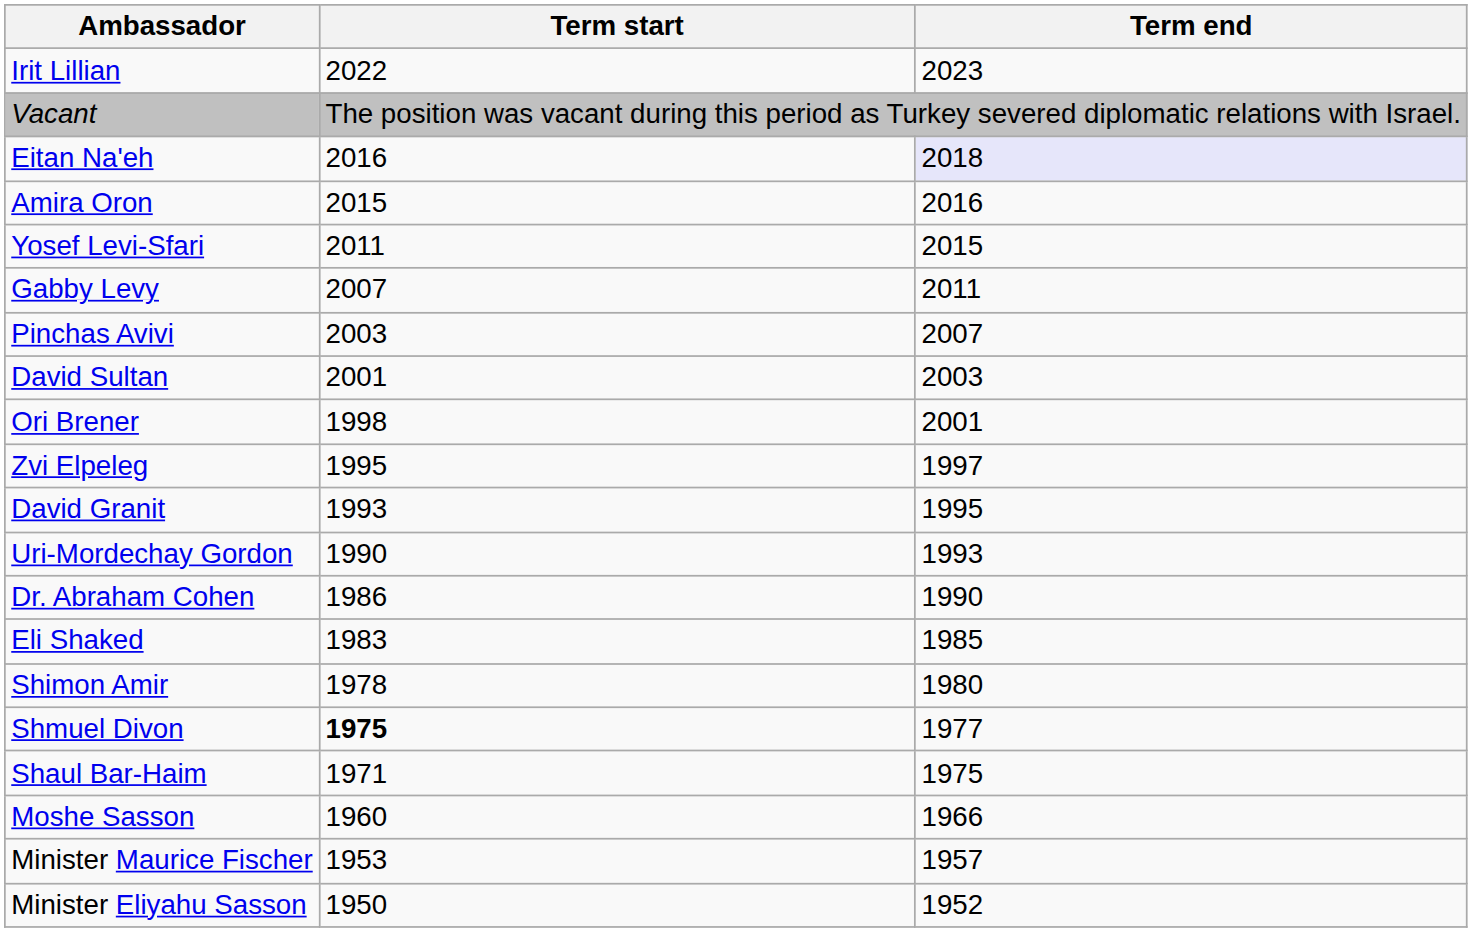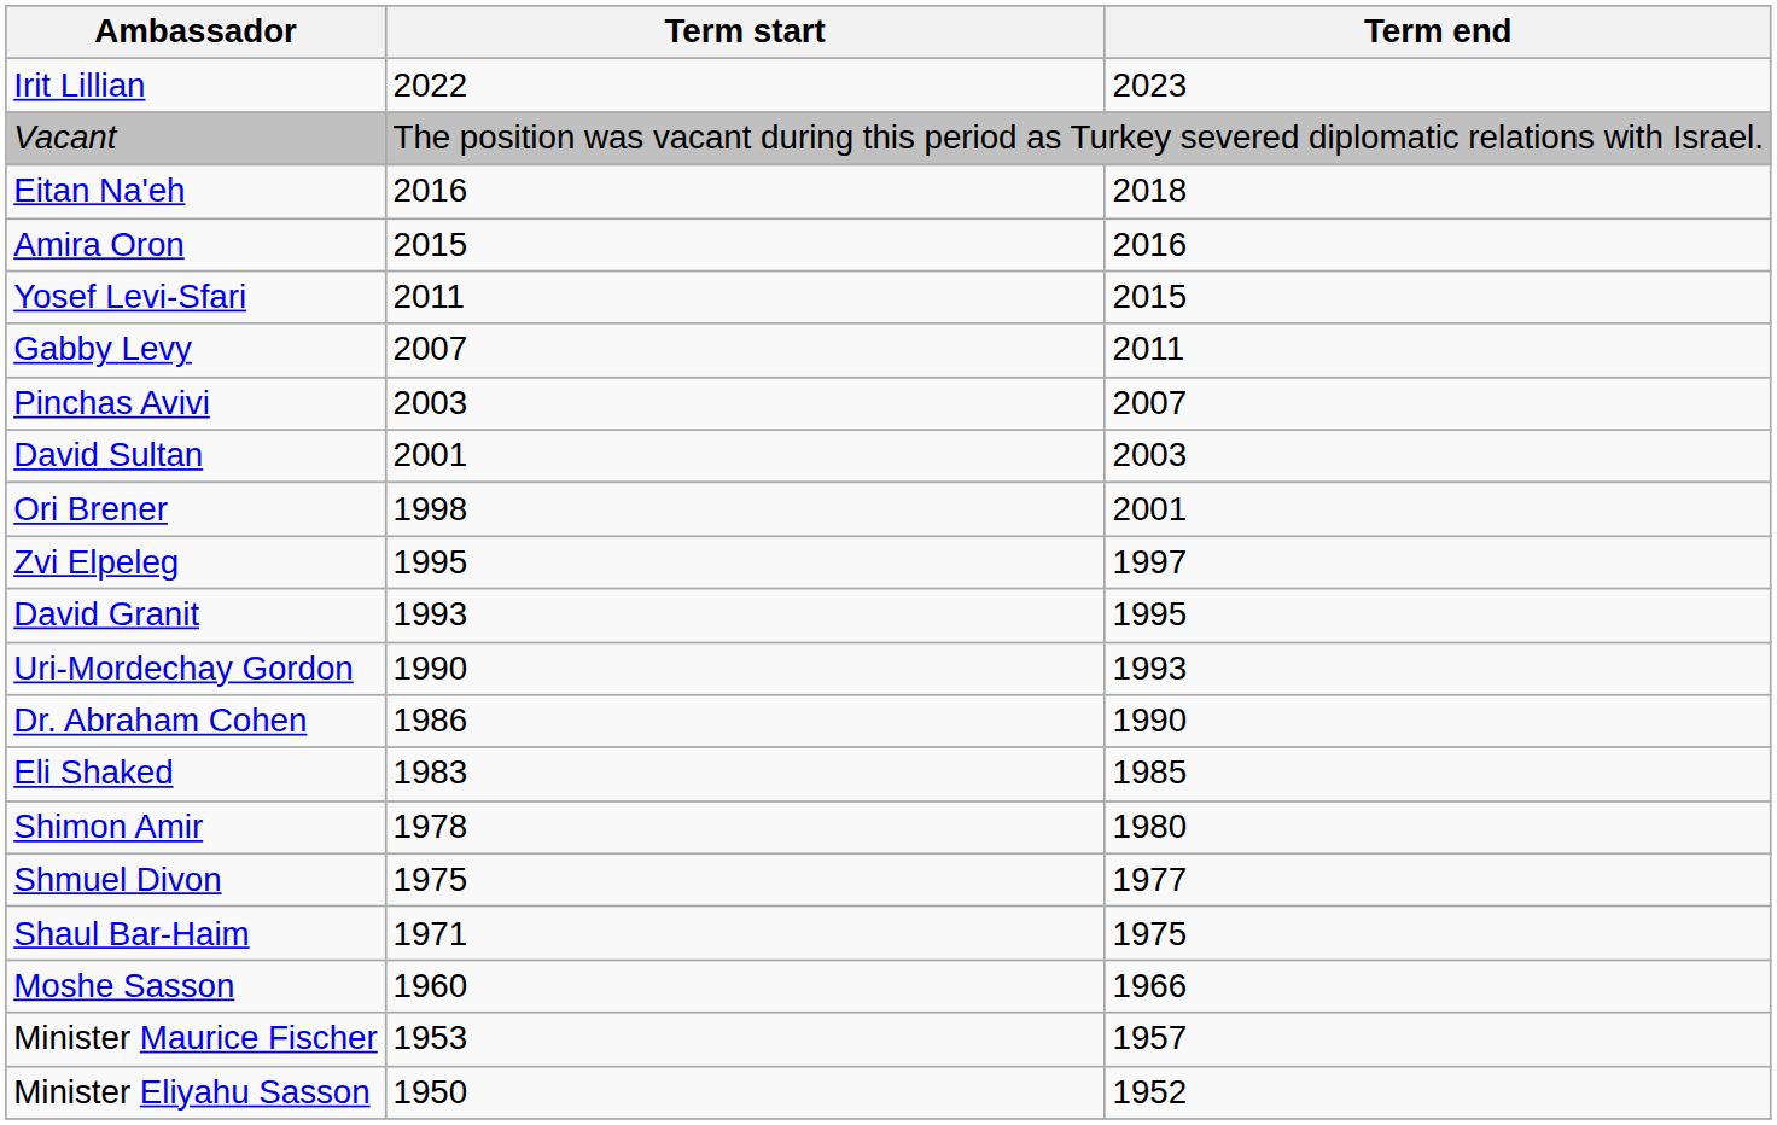 <table class="wikitable sortable">
 <tr>
 <th>Ambassador</th>
 <th>Term start</th>
 <th>Term end</th>
 </tr>
 <tr>
 <td><a href='#'>Irit Lillian</a></td>
 <td>2022</td>
 <td>2023</td>
 </tr>
 <tr style="background:silver;">
 <td><em>Vacant</em></td>
 <td colspan="3">The position was vacant during this period as Turkey severed diplomatic relations with Israel.</td>
 </tr>
 <tr>
 <td><a href='#'>Eitan Na'eh</a></td>
 <td>2016</td>
-<td style="background: lavender;">2018</td>
+<td>2018</td>
 </tr>
 <tr>
 <td><a href='#'>Amira Oron</a></td>
 <td>2015</td>
 <td>2016</td>
 </tr>
 <tr>
 <td><a href='#'>Yosef Levi-Sfari</a></td>
 <td>2011</td>
 <td>2015</td>
 </tr>
 <tr>
 <td><a href='#'>Gabby Levy</a></td>
 <td>2007</td>
 <td>2011</td>
 </tr>
 <tr>
 <td><a href='#'>Pinchas Avivi</a></td>
 <td>2003</td>
 <td>2007</td>
 </tr>
 <tr>
 <td><a href='#'>David Sultan</a></td>
 <td>2001</td>
 <td>2003</td>
 </tr>
 <tr>
 <td><a href='#'>Ori Brener</a></td>
 <td>1998</td>
 <td>2001</td>
 </tr>
 <tr>
 <td><a href='#'>Zvi Elpeleg</a></td>
 <td>1995</td>
 <td>1997</td>
 </tr>
 <tr>
 <td><a href='#'>David Granit</a></td>
 <td>1993</td>
 <td>1995</td>
 </tr>
 <tr>
 <td><a href='#'>Uri-Mordechay Gordon</a></td>
 <td>1990</td>
 <td>1993</td>
 </tr>
 <tr>
 <td><a href='#'>Dr. Abraham Cohen</a></td>
 <td>1986</td>
 <td>1990</td>
 </tr>
 <tr>
 <td><a href='#'>Eli Shaked</a></td>
 <td>1983</td>
 <td>1985</td>
 </tr>
 <tr>
 <td><a href='#'>Shimon Amir</a></td>
 <td>1978</td>
 <td>1980</td>
 </tr>
 <tr>
 <td><a href='#'>Shmuel Divon</a></td>
-<td><strong>1975</strong></td>
+<td>1975</td>
 <td>1977</td>
 </tr>
 <tr>
 <td><a href='#'>Shaul Bar-Haim</a></td>
 <td>1971</td>
 <td>1975</td>
 </tr>
 <tr>
 <td><a href='#'>Moshe Sasson</a></td>
 <td>1960</td>
 <td>1966</td>
 </tr>
 <tr>
 <td>Minister <a href='#'>Maurice Fischer</a></td>
 <td>1953</td>
 <td>1957</td>
 </tr>
 <tr>
 <td>Minister <a href='#'>Eliyahu Sasson</a></td>
 <td>1950</td>
 <td>1952</td>
 </tr>
 </table>
